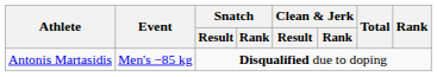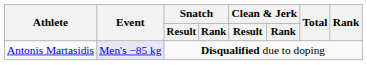 <table class="wikitable" style="font-size:90%">
 <tr>
 <th rowspan="2">Athlete</th>
 <th rowspan="2">Event</th>
 <th colspan="2">Snatch</th>
 <th colspan="2">Clean & Jerk</th>
 <th rowspan="2">Total</th>
 <th rowspan="2">Rank</th>
 </tr>
 <tr style="font-size:95%">
 <th>Result</th>
 <th>Rank</th>
 <th>Result</th>
 <th>Rank</th>
 </tr>
 <tr align=center>
 <td align=left><a href='#'>Antonis Martasidis</a></td>
-<td align=left><a href='#'>Men's −85 kg</a></td>
+<td align=left style="background: lavender;"><a href='#'>Men's −85 kg</a></td>
 <td colspan=6><strong>Disqualified</strong> due to doping</td>
 </tr>
 </table>
